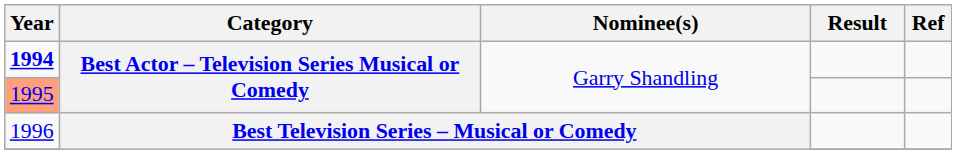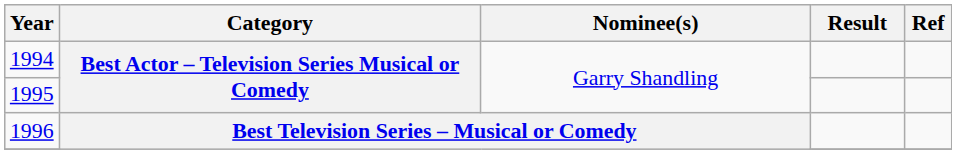 <table class="wikitable plainrowheaders" style="font-size: 90%; text-align:center" width=100%>
 <tr>
 <th scope="col" width="5%">Year</th>
 <th scope="col" width="45%">Category</th>
 <th scope="col" width="35%">Nominee(s)</th>
 <th scope="col" width="10%">Result</th>
 <th scope="col" width="5%">Ref</th>
 </tr>
 <tr>
-<td><strong><a href='#'>1994</a></strong></td>
+<td><a href='#'>1994</a></td>
 <th scope="row" style="text-align:center" rowspan="2"><a href='#'>Best Actor – Television Series Musical or Comedy</a></th>
 <td rowspan="2"><a href='#'>Garry Shandling</a> </td>
 <td></td>
 <td></td>
 </tr>
 <tr>
-<td style="background: lightsalmon;"><a href='#'>1995</a></td>
+<td><a href='#'>1995</a></td>
 <td></td>
 <td></td>
 </tr>
 <tr>
 <td><a href='#'>1996</a></td>
 <th scope="row" style="text-align:center" rowspan="2" colspan="2"><a href='#'>Best Television Series – Musical or Comedy</a></th>
 <td></td>
 <td></td>
 </tr>
 <tr>
 </tr>
 </table>
